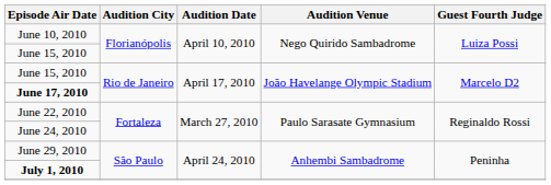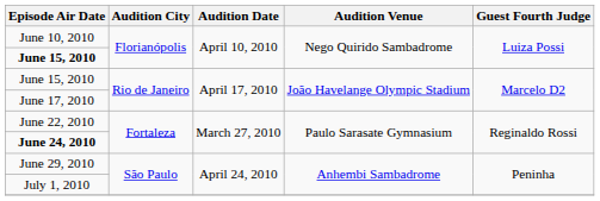 <table class=wikitable style=text-align:center;>
 <tr>
 <th>Episode Air Date</th>
 <th>Audition City</th>
 <th>Audition Date</th>
 <th>Audition Venue</th>
 <th>Guest Fourth Judge</th>
 </tr>
 <tr>
 <td>June 10, 2010</td>
 <td rowspan=2><a href='#'>Florianópolis</a></td>
 <td rowspan=2>April 10, 2010</td>
 <td rowspan=2>Nego Quirido Sambadrome</td>
 <td rowspan=2><a href='#'>Luiza Possi</a></td>
 </tr>
 <tr>
-<td>June 15, 2010</td>
+<td><strong>June 15, 2010</strong></td>
 </tr>
 <tr>
 <td>June 15, 2010</td>
 <td rowspan=2><a href='#'>Rio de Janeiro</a></td>
 <td rowspan=2>April 17, 2010</td>
 <td rowspan=2><a href='#'>João Havelange Olympic Stadium</a></td>
 <td rowspan=2><a href='#'>Marcelo D2</a></td>
 </tr>
 <tr>
-<td><strong>June 17, 2010</strong></td>
+<td>June 17, 2010</td>
 </tr>
 <tr>
 <td>June 22, 2010</td>
 <td rowspan=2><a href='#'>Fortaleza</a></td>
 <td rowspan=2>March 27, 2010</td>
 <td rowspan=2>Paulo Sarasate Gymnasium</td>
 <td rowspan=2>Reginaldo Rossi</td>
 </tr>
 <tr>
-<td>June 24, 2010</td>
+<td><strong>June 24, 2010</strong></td>
 </tr>
 <tr>
 <td>June 29, 2010</td>
 <td rowspan=2><a href='#'>São Paulo</a></td>
 <td rowspan=2>April 24, 2010</td>
 <td rowspan=2><a href='#'>Anhembi Sambadrome</a></td>
 <td rowspan=2>Peninha</td>
 </tr>
 <tr>
-<td><strong>July 1, 2010</strong></td>
+<td>July 1, 2010</td>
 </tr>
 <tr>
 </tr>
 </table>
